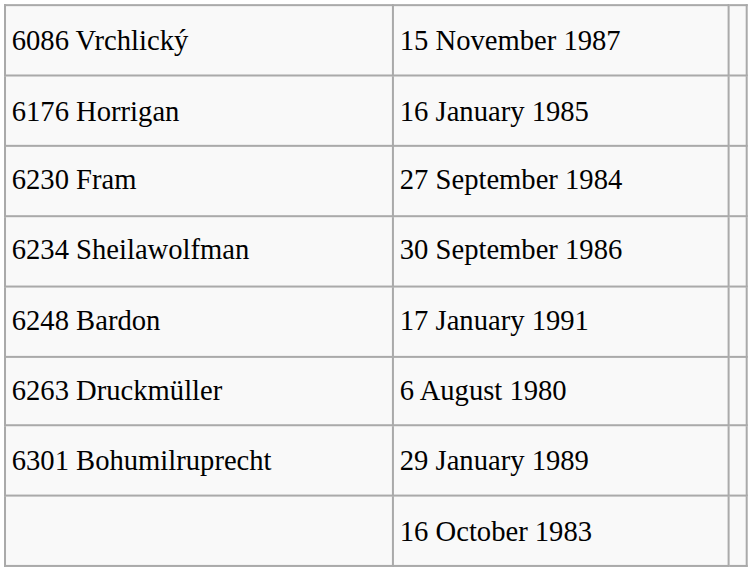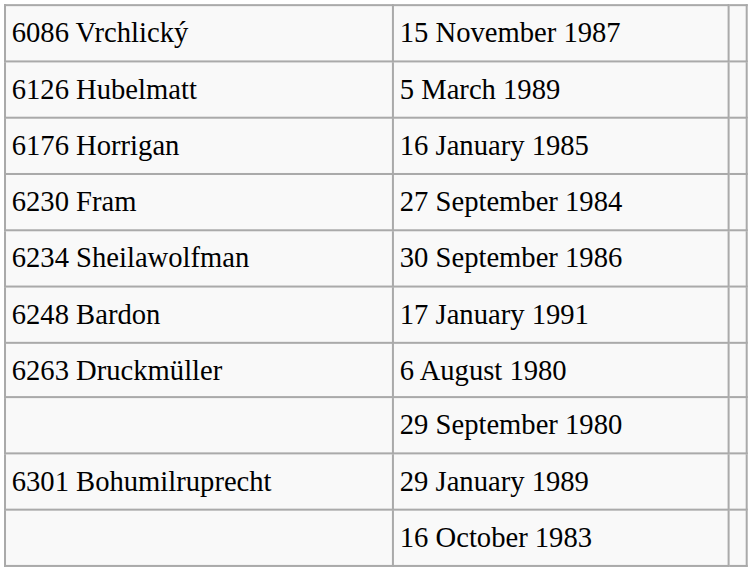 <table class="wikitable" style="font-size: 89%; float: left; width: 26em; margin-right: 1em; height: 280px;">
 <tr>
 <td>6086 Vrchlický</td>
 <td>15 November 1987</td>
+<td></td>
+</tr>
+<tr>
+<td>6126 Hubelmatt</td>
+<td>5 March 1989</td>
 <td></td>
 </tr>
 <tr>
 <td>6176 Horrigan</td>
 <td>16 January 1985</td>
 <td></td>
 </tr>
 <tr>
 <td>6230 Fram</td>
 <td>27 September 1984</td>
 <td></td>
 </tr>
 <tr>
 <td>6234 Sheilawolfman</td>
 <td>30 September 1986</td>
 <td></td>
 </tr>
 <tr>
 <td>6248 Bardon</td>
 <td>17 January 1991</td>
 <td></td>
 </tr>
 <tr>
 <td>6263 Druckmüller</td>
 <td>6 August 1980</td>
 <td></td>
 </tr>
 <tr>
+<td></td>
+<td>29 September 1980</td>
+<td></td>
+</tr>
+<tr>
 <td>6301 Bohumilruprecht</td>
 <td>29 January 1989</td>
 <td></td>
 </tr>
 <tr>
 <td></td>
 <td>16 October 1983</td>
 <td></td>
 </tr>
 </table>
